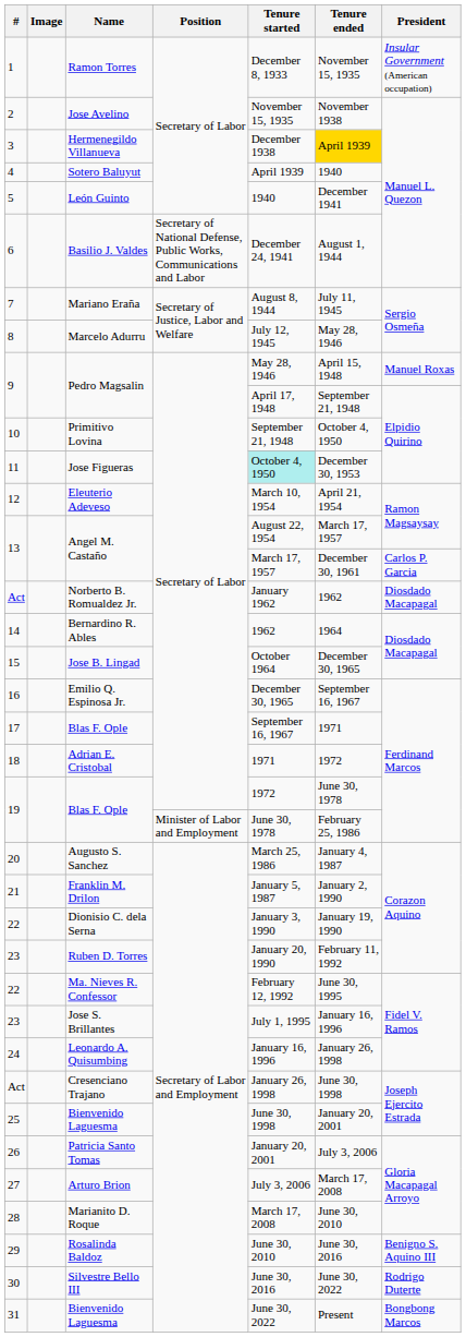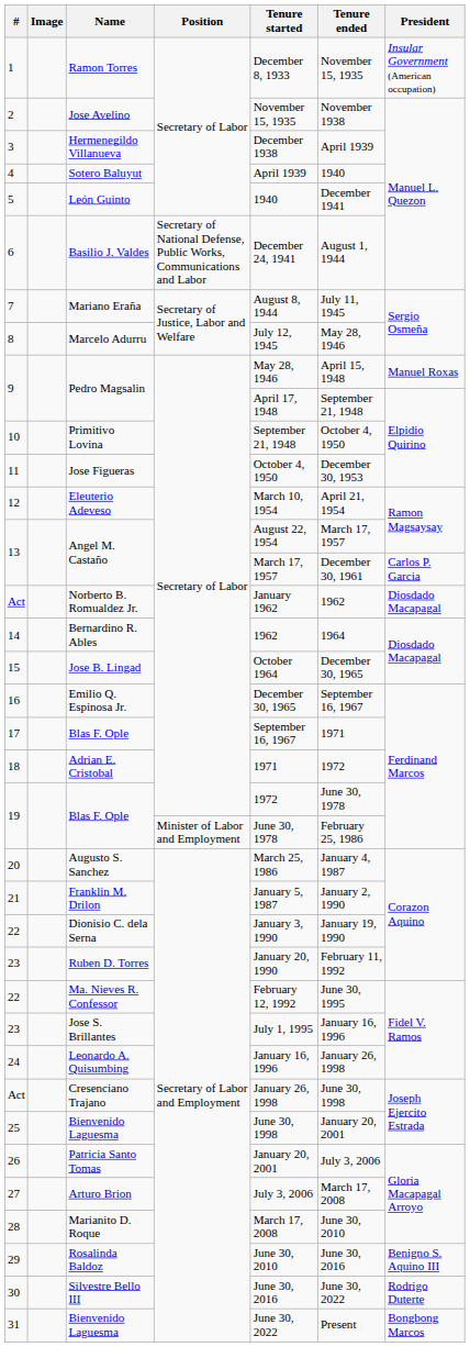 <table class=wikitable>
 <tr>
 <th>#</th>
 <th>Image</th>
 <th>Name</th>
 <th width=120px>Position</th>
 <th>Tenure started</th>
 <th>Tenure ended</th>
 <th>President</th>
 </tr>
 <tr>
 <td>1</td>
 <td></td>
 <td><a href='#'>Ramon Torres</a></td>
 <td rowspan="5">Secretary of Labor</td>
 <td>December 8, 1933</td>
 <td>November 15, 1935</td>
 <td><em><a href='#'>Insular Government</a></em><br><small>(American occupation)</small></td>
 </tr>
 <tr>
 <td>2</td>
 <td></td>
 <td><a href='#'>Jose Avelino</a></td>
 <td>November 15, 1935</td>
 <td>November 1938</td>
 <td rowspan="5"><a href='#'>Manuel L. Quezon</a></td>
 </tr>
 <tr>
 <td>3</td>
 <td></td>
 <td><a href='#'>Hermenegildo Villanueva</a></td>
 <td>December 1938</td>
-<td style="background: gold;">April 1939</td>
+<td>April 1939</td>
 </tr>
 <tr>
 <td>4</td>
 <td></td>
 <td><a href='#'>Sotero Baluyut</a></td>
 <td>April 1939</td>
 <td>1940</td>
 </tr>
 <tr>
 <td>5</td>
 <td></td>
 <td><a href='#'>León Guinto</a></td>
 <td>1940</td>
 <td>December 1941</td>
 </tr>
 <tr>
 <td>6</td>
 <td></td>
 <td><a href='#'>Basilio J. Valdes</a></td>
 <td>Secretary of National Defense, Public Works, Communications and Labor</td>
 <td>December 24, 1941</td>
 <td>August 1, 1944</td>
 </tr>
 <tr>
 <td>7</td>
 <td></td>
 <td>Mariano Eraña</td>
 <td rowspan="2">Secretary of Justice, Labor and Welfare</td>
 <td>August 8, 1944</td>
 <td>July 11, 1945</td>
 <td rowspan="2"><a href='#'>Sergio Osmeña</a></td>
 </tr>
 <tr>
 <td>8</td>
 <td></td>
 <td>Marcelo Adurru</td>
 <td>July 12, 1945</td>
 <td>May 28, 1946</td>
 </tr>
 <tr>
 <td rowspan="2">9</td>
 <td rowspan="2"></td>
 <td rowspan="2">Pedro Magsalin</td>
 <td rowspan="14">Secretary of Labor</td>
 <td>May 28, 1946</td>
 <td>April 15, 1948</td>
 <td><a href='#'>Manuel Roxas</a></td>
 </tr>
 <tr>
 <td>April 17, 1948</td>
 <td>September 21, 1948</td>
 <td rowspan=3><a href='#'>Elpidio Quirino</a></td>
 </tr>
 <tr>
 <td>10</td>
 <td></td>
 <td>Primitivo Lovina</td>
 <td>September 21, 1948</td>
 <td>October 4, 1950</td>
 </tr>
 <tr>
 <td>11</td>
 <td></td>
 <td>Jose Figueras</td>
-<td style="background: paleturquoise;">October 4, 1950</td>
+<td>October 4, 1950</td>
 <td>December 30, 1953</td>
 </tr>
 <tr>
 <td>12</td>
 <td></td>
 <td><a href='#'>Eleuterio Adeveso</a></td>
 <td>March 10, 1954</td>
 <td>April 21, 1954</td>
 <td rowspan=2><a href='#'>Ramon Magsaysay</a></td>
 </tr>
 <tr>
 <td rowspan=2>13</td>
 <td rowspan=2></td>
 <td rowspan=2>Angel M. Castaño</td>
 <td>August 22, 1954</td>
 <td>March 17, 1957</td>
 </tr>
 <tr>
 <td>March 17, 1957</td>
 <td>December 30, 1961</td>
 <td><a href='#'>Carlos P. Garcia</a></td>
 </tr>
 <tr>
 <td><a href='#'>Act</a></td>
 <td></td>
 <td>Norberto B. Romualdez Jr.</td>
 <td>January 1962</td>
 <td>1962</td>
 <td><a href='#'>Diosdado Macapagal</a></td>
 </tr>
 <tr>
 <td>14</td>
 <td></td>
 <td>Bernardino R. Ables</td>
 <td>1962</td>
 <td>1964</td>
 <td rowspan=2><a href='#'>Diosdado Macapagal</a></td>
 </tr>
 <tr>
 <td>15</td>
 <td></td>
 <td><a href='#'>Jose B. Lingad</a></td>
 <td>October 1964</td>
 <td>December 30, 1965</td>
 </tr>
 <tr>
 <td>16</td>
 <td></td>
 <td>Emilio Q. Espinosa Jr.</td>
 <td>December 30, 1965</td>
 <td>September 16, 1967</td>
 <td rowspan="5"><a href='#'>Ferdinand Marcos</a></td>
 </tr>
 <tr>
 <td>17</td>
 <td></td>
 <td><a href='#'>Blas F. Ople</a></td>
 <td>September 16, 1967</td>
 <td>1971</td>
 </tr>
 <tr>
 <td>18</td>
 <td></td>
 <td><a href='#'>Adrian E. Cristobal</a></td>
 <td>1971</td>
 <td>1972</td>
 </tr>
 <tr>
 <td rowspan="2">19</td>
 <td rowspan="2"></td>
 <td rowspan="2"><a href='#'>Blas F. Ople</a></td>
 <td>1972</td>
 <td>June 30, 1978</td>
 </tr>
 <tr>
 <td>Minister of Labor and Employment</td>
 <td>June 30, 1978</td>
 <td>February 25, 1986</td>
 </tr>
 <tr>
 <td>20</td>
 <td></td>
 <td>Augusto S. Sanchez</td>
 <td rowspan="15">Secretary of Labor and Employment</td>
 <td>March 25, 1986</td>
 <td>January 4, 1987</td>
 <td rowspan="4"><a href='#'>Corazon Aquino</a></td>
 </tr>
 <tr>
 <td>21</td>
 <td></td>
 <td><a href='#'>Franklin M. Drilon</a></td>
 <td>January 5, 1987</td>
 <td>January 2, 1990</td>
 </tr>
 <tr>
 <td>22</td>
 <td></td>
 <td>Dionisio C. dela Serna</td>
 <td>January 3, 1990</td>
 <td>January 19, 1990</td>
 </tr>
 <tr>
 <td>23</td>
 <td></td>
 <td><a href='#'>Ruben D. Torres</a></td>
 <td>January 20, 1990</td>
 <td>February 11, 1992</td>
 </tr>
 <tr>
 <td>22</td>
 <td></td>
 <td><a href='#'>Ma. Nieves R. Confessor</a></td>
 <td>February 12, 1992</td>
 <td>June 30, 1995</td>
 <td rowspan=3><a href='#'>Fidel V. Ramos</a></td>
 </tr>
 <tr>
 <td>23</td>
 <td></td>
 <td>Jose S. Brillantes</td>
 <td>July 1, 1995</td>
 <td>January 16, 1996</td>
 </tr>
 <tr>
 <td>24</td>
 <td></td>
 <td><a href='#'>Leonardo A. Quisumbing</a></td>
 <td>January 16, 1996</td>
 <td>January 26, 1998</td>
 </tr>
 <tr>
 <td>Act</td>
 <td></td>
 <td>Cresenciano Trajano</td>
 <td>January 26, 1998</td>
 <td>June 30, 1998</td>
 <td rowspan=2><a href='#'>Joseph Ejercito Estrada</a></td>
 </tr>
 <tr>
 <td>25</td>
 <td></td>
 <td><a href='#'>Bienvenido Laguesma</a></td>
 <td>June 30, 1998</td>
 <td>January 20, 2001</td>
 </tr>
 <tr>
 <td>26</td>
 <td></td>
 <td><a href='#'>Patricia Santo Tomas</a></td>
 <td>January 20, 2001</td>
 <td>July 3, 2006</td>
 <td rowspan=3><a href='#'>Gloria Macapagal Arroyo</a></td>
 </tr>
 <tr>
 <td>27</td>
 <td></td>
 <td><a href='#'>Arturo Brion</a></td>
 <td>July 3, 2006</td>
 <td>March 17, 2008</td>
 </tr>
 <tr>
 <td>28</td>
 <td></td>
 <td>Marianito D. Roque</td>
 <td>March 17, 2008</td>
 <td>June 30, 2010</td>
 </tr>
 <tr>
 <td>29</td>
 <td></td>
 <td><a href='#'>Rosalinda Baldoz</a></td>
 <td>June 30, 2010</td>
 <td>June 30, 2016</td>
 <td><a href='#'>Benigno S. Aquino III</a></td>
 </tr>
 <tr>
 <td>30</td>
 <td></td>
 <td><a href='#'>Silvestre Bello III</a></td>
 <td>June 30, 2016</td>
 <td>June 30, 2022</td>
 <td><a href='#'>Rodrigo Duterte</a></td>
 </tr>
 <tr>
 <td>31</td>
 <td></td>
 <td><a href='#'>Bienvenido Laguesma</a></td>
 <td>June 30, 2022</td>
 <td>Present</td>
 <td><a href='#'>Bongbong Marcos</a></td>
 </tr>
 </table>
